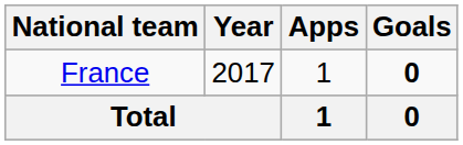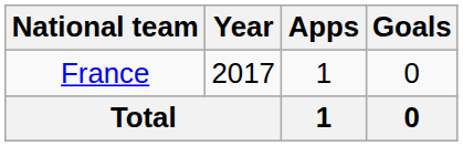 <table class=wikitable style=text-align:center>
 <tr>
 <th>National team</th>
 <th>Year</th>
 <th>Apps</th>
 <th>Goals</th>
 </tr>
 <tr>
 <td><a href='#'>France</a></td>
 <td>2017</td>
 <td>1</td>
-<td><strong>0</strong></td>
+<td>0</td>
 </tr>
 <tr>
 <th colspan=2>Total</th>
 <th>1</th>
 <th>0</th>
 </tr>
 </table>
